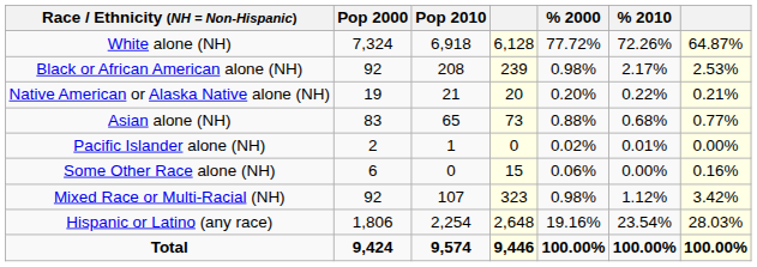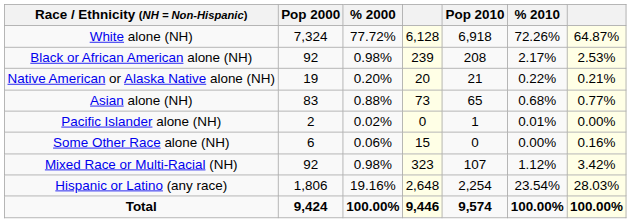 <table class="wikitable" style="text-align:center;">
 <tr>
 <th>Race / Ethnicity <small>(<em>NH = Non-Hispanic</em>)</small></th>
 <th>Pop 2000</th>
+<th>% 2000</th>
+<th></th>
 <th>Pop 2010</th>
-<th></th>
-<th>% 2000</th>
 <th>% 2010</th>
 <th></th>
 </tr>
 <tr>
 <td><a href='#'>White</a> alone (NH)</td>
 <td>7,324</td>
+<td>77.72%</td>
+<td style='background: #ffffe6;'>6,128</td>
 <td>6,918</td>
-<td style='background: #ffffe6;'>6,128</td>
-<td>77.72%</td>
 <td>72.26%</td>
 <td style='background: #ffffe6;'>64.87%</td>
 </tr>
 <tr>
 <td><a href='#'>Black or African American</a> alone (NH)</td>
 <td>92</td>
+<td>0.98%</td>
+<td style='background: #ffffe6;'>239</td>
 <td>208</td>
-<td style='background: #ffffe6;'>239</td>
-<td>0.98%</td>
 <td>2.17%</td>
 <td style='background: #ffffe6;'>2.53%</td>
 </tr>
 <tr>
 <td><a href='#'>Native American</a> or <a href='#'>Alaska Native</a> alone (NH)</td>
 <td>19</td>
+<td>0.20%</td>
+<td style='background: #ffffe6;'>20</td>
 <td>21</td>
-<td style='background: #ffffe6;'>20</td>
-<td>0.20%</td>
 <td>0.22%</td>
 <td style='background: #ffffe6;'>0.21%</td>
 </tr>
 <tr>
 <td><a href='#'>Asian</a> alone (NH)</td>
 <td>83</td>
+<td>0.88%</td>
+<td style='background: #ffffe6;'>73</td>
 <td>65</td>
-<td style='background: #ffffe6;'>73</td>
-<td>0.88%</td>
 <td>0.68%</td>
 <td style='background: #ffffe6;'>0.77%</td>
 </tr>
 <tr>
 <td><a href='#'>Pacific Islander</a> alone (NH)</td>
 <td>2</td>
+<td>0.02%</td>
+<td style='background: #ffffe6;'>0</td>
 <td>1</td>
-<td style='background: #ffffe6;'>0</td>
-<td>0.02%</td>
 <td>0.01%</td>
 <td style='background: #ffffe6;'>0.00%</td>
 </tr>
 <tr>
 <td><a href='#'>Some Other Race</a> alone (NH)</td>
 <td>6</td>
+<td>0.06%</td>
+<td style='background: #ffffe6;'>15</td>
 <td>0</td>
-<td style='background: #ffffe6;'>15</td>
-<td>0.06%</td>
 <td>0.00%</td>
 <td style='background: #ffffe6;'>0.16%</td>
 </tr>
 <tr>
 <td><a href='#'>Mixed Race or Multi-Racial</a> (NH)</td>
 <td>92</td>
+<td>0.98%</td>
+<td style='background: #ffffe6;'>323</td>
 <td>107</td>
-<td style='background: #ffffe6;'>323</td>
-<td>0.98%</td>
 <td>1.12%</td>
 <td style='background: #ffffe6;'>3.42%</td>
 </tr>
 <tr>
 <td><a href='#'>Hispanic or Latino</a> (any race)</td>
 <td>1,806</td>
+<td>19.16%</td>
+<td style='background: #ffffe6;'>2,648</td>
 <td>2,254</td>
-<td style='background: #ffffe6;'>2,648</td>
-<td>19.16%</td>
 <td>23.54%</td>
 <td style='background: #ffffe6;'>28.03%</td>
 </tr>
 <tr>
 <td><strong>Total</strong></td>
 <td><strong>9,424</strong></td>
+<td><strong>100.00%</strong></td>
+<td style='background: #ffffe6;'><strong>9,446</strong></td>
 <td><strong>9,574</strong></td>
-<td style='background: #ffffe6;'><strong>9,446</strong></td>
-<td><strong>100.00%</strong></td>
 <td><strong>100.00%</strong></td>
 <td style='background: #ffffe6;'><strong>100.00%</strong></td>
 </tr>
 </table>
